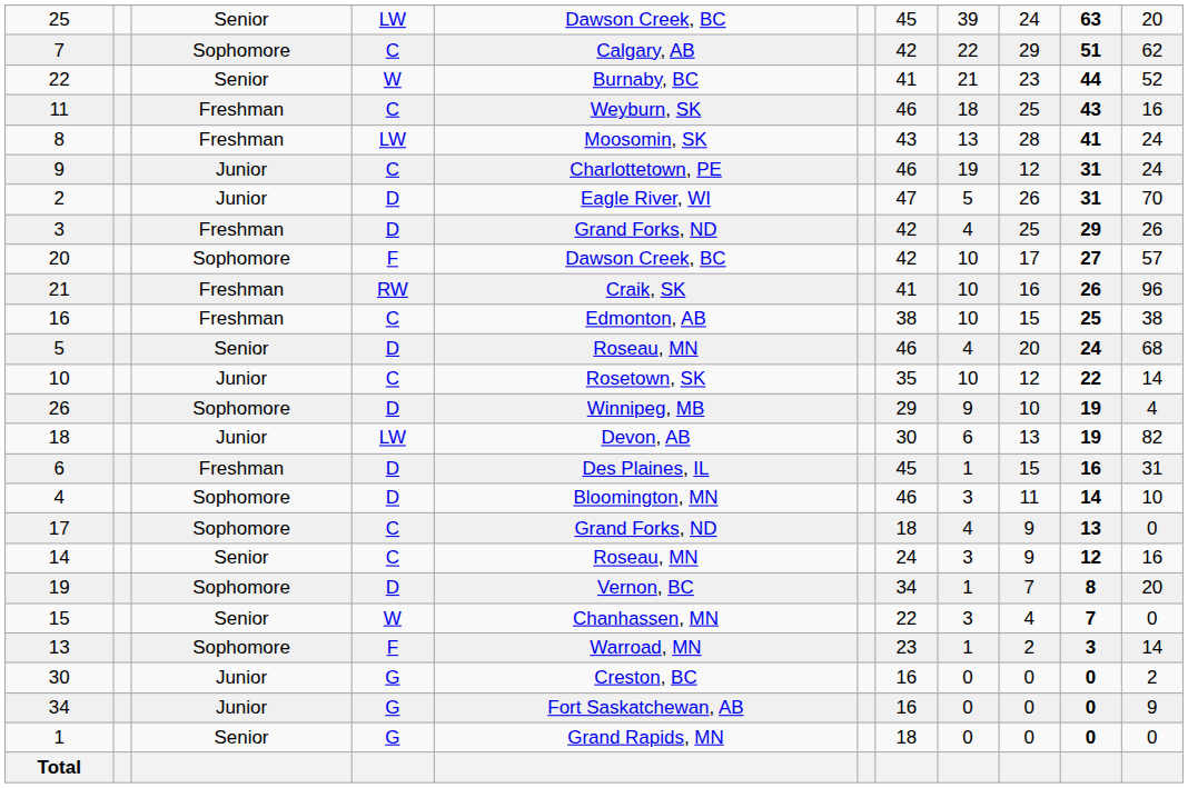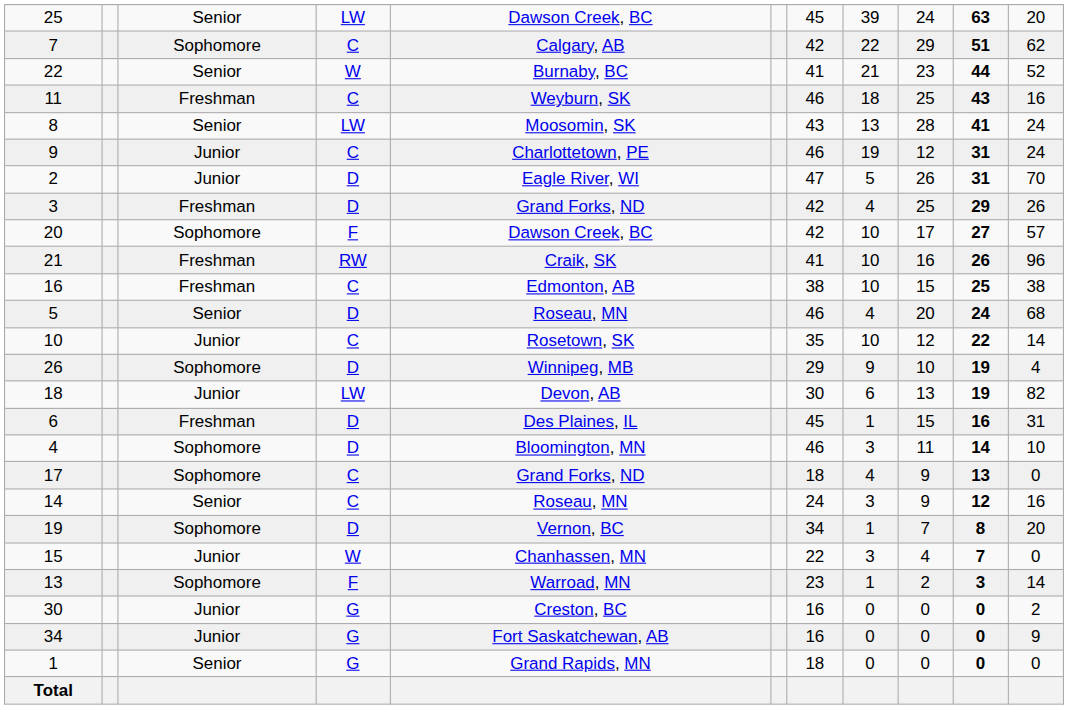 <table class="wikitable sortable" width ="1000">
 <tr align="center">
 </tr>
 <tr align="center" bgcolor="">
 <td>25</td>
 <td></td>
 <td>Senior</td>
 <td><a href='#'>LW</a></td>
 <td><a href='#'>Dawson Creek</a>, <a href='#'>BC</a></td>
 <td></td>
 <td>45</td>
 <td>39</td>
 <td>24</td>
 <td><strong>63</strong></td>
 <td>20</td>
 </tr>
 <tr align="center" bgcolor="#f0f0f0">
 <td>7</td>
 <td></td>
 <td>Sophomore</td>
 <td><a href='#'>C</a></td>
 <td><a href='#'>Calgary</a>, <a href='#'>AB</a></td>
 <td></td>
 <td>42</td>
 <td>22</td>
 <td>29</td>
 <td><strong>51</strong></td>
 <td>62</td>
 </tr>
 <tr align="center">
 <td>22</td>
 <td></td>
 <td>Senior</td>
 <td><a href='#'>W</a></td>
 <td><a href='#'>Burnaby</a>, <a href='#'>BC</a></td>
 <td></td>
 <td>41</td>
 <td>21</td>
 <td>23</td>
 <td><strong>44</strong></td>
 <td>52</td>
 </tr>
 <tr align="center" bgcolor="#f0f0f0">
 <td>11</td>
 <td></td>
 <td>Freshman</td>
 <td><a href='#'>C</a></td>
 <td><a href='#'>Weyburn</a>, <a href='#'>SK</a></td>
 <td></td>
 <td>46</td>
 <td>18</td>
 <td>25</td>
 <td><strong>43</strong></td>
 <td>16</td>
 </tr>
 <tr align="center">
 <td>8</td>
 <td></td>
-<td>Freshman</td>
+<td>Senior</td>
 <td><a href='#'>LW</a></td>
 <td><a href='#'>Moosomin</a>, <a href='#'>SK</a></td>
 <td></td>
 <td>43</td>
 <td>13</td>
 <td>28</td>
 <td><strong>41</strong></td>
 <td>24</td>
 </tr>
 <tr align="center" bgcolor="#f0f0f0">
 <td>9</td>
 <td></td>
 <td>Junior</td>
 <td><a href='#'>C</a></td>
 <td><a href='#'>Charlottetown</a>, <a href='#'>PE</a></td>
 <td></td>
 <td>46</td>
 <td>19</td>
 <td>12</td>
 <td><strong>31</strong></td>
 <td>24</td>
 </tr>
 <tr align="center">
 <td>2</td>
 <td></td>
 <td>Junior</td>
 <td><a href='#'>D</a></td>
 <td><a href='#'>Eagle River</a>, <a href='#'>WI</a></td>
 <td></td>
 <td>47</td>
 <td>5</td>
 <td>26</td>
 <td><strong>31</strong></td>
 <td>70</td>
 </tr>
 <tr align="center" bgcolor="#f0f0f0">
 <td>3</td>
 <td></td>
 <td>Freshman</td>
 <td><a href='#'>D</a></td>
 <td><a href='#'>Grand Forks</a>, <a href='#'>ND</a></td>
 <td></td>
 <td>42</td>
 <td>4</td>
 <td>25</td>
 <td><strong>29</strong></td>
 <td>26</td>
 </tr>
 <tr align="center">
 <td>20</td>
 <td></td>
 <td>Sophomore</td>
 <td><a href='#'>F</a></td>
 <td><a href='#'>Dawson Creek</a>, <a href='#'>BC</a></td>
 <td></td>
 <td>42</td>
 <td>10</td>
 <td>17</td>
 <td><strong>27</strong></td>
 <td>57</td>
 </tr>
 <tr align="center" bgcolor="#f0f0f0">
 <td>21</td>
 <td></td>
 <td>Freshman</td>
 <td><a href='#'>RW</a></td>
 <td><a href='#'>Craik</a>, <a href='#'>SK</a></td>
 <td></td>
 <td>41</td>
 <td>10</td>
 <td>16</td>
 <td><strong>26</strong></td>
 <td>96</td>
 </tr>
 <tr align="center">
 <td>16</td>
 <td></td>
 <td>Freshman</td>
 <td><a href='#'>C</a></td>
 <td><a href='#'>Edmonton</a>, <a href='#'>AB</a></td>
 <td></td>
 <td>38</td>
 <td>10</td>
 <td>15</td>
 <td><strong>25</strong></td>
 <td>38</td>
 </tr>
 <tr align="center" bgcolor="#f0f0f0">
 <td>5</td>
 <td></td>
 <td>Senior</td>
 <td><a href='#'>D</a></td>
 <td><a href='#'>Roseau</a>, <a href='#'>MN</a></td>
 <td></td>
 <td>46</td>
 <td>4</td>
 <td>20</td>
 <td><strong>24</strong></td>
 <td>68</td>
 </tr>
 <tr align="center">
 <td>10</td>
 <td></td>
 <td>Junior</td>
 <td><a href='#'>C</a></td>
 <td><a href='#'>Rosetown</a>, <a href='#'>SK</a></td>
 <td></td>
 <td>35</td>
 <td>10</td>
 <td>12</td>
 <td><strong>22</strong></td>
 <td>14</td>
 </tr>
 <tr align="center" bgcolor="#f0f0f0">
 <td>26</td>
 <td></td>
 <td>Sophomore</td>
 <td><a href='#'>D</a></td>
 <td><a href='#'>Winnipeg</a>, <a href='#'>MB</a></td>
 <td></td>
 <td>29</td>
 <td>9</td>
 <td>10</td>
 <td><strong>19</strong></td>
 <td>4</td>
 </tr>
 <tr align="center">
 <td>18</td>
 <td></td>
 <td>Junior</td>
 <td><a href='#'>LW</a></td>
 <td><a href='#'>Devon</a>, <a href='#'>AB</a></td>
 <td></td>
 <td>30</td>
 <td>6</td>
 <td>13</td>
 <td><strong>19</strong></td>
 <td>82</td>
 </tr>
 <tr align="center" bgcolor="#f0f0f0">
 <td>6</td>
 <td></td>
 <td>Freshman</td>
 <td><a href='#'>D</a></td>
 <td><a href='#'>Des Plaines</a>, <a href='#'>IL</a></td>
 <td></td>
 <td>45</td>
 <td>1</td>
 <td>15</td>
 <td><strong>16</strong></td>
 <td>31</td>
 </tr>
 <tr align="center">
 <td>4</td>
 <td></td>
 <td>Sophomore</td>
 <td><a href='#'>D</a></td>
 <td><a href='#'>Bloomington</a>, <a href='#'>MN</a></td>
 <td></td>
 <td>46</td>
 <td>3</td>
 <td>11</td>
 <td><strong>14</strong></td>
 <td>10</td>
 </tr>
 <tr align="center" bgcolor="#f0f0f0">
 <td>17</td>
 <td></td>
 <td>Sophomore</td>
 <td><a href='#'>C</a></td>
 <td><a href='#'>Grand Forks</a>, <a href='#'>ND</a></td>
 <td></td>
 <td>18</td>
 <td>4</td>
 <td>9</td>
 <td><strong>13</strong></td>
 <td>0</td>
 </tr>
 <tr align="center">
 <td>14</td>
 <td></td>
 <td>Senior</td>
 <td><a href='#'>C</a></td>
 <td><a href='#'>Roseau</a>, <a href='#'>MN</a></td>
 <td></td>
 <td>24</td>
 <td>3</td>
 <td>9</td>
 <td><strong>12</strong></td>
 <td>16</td>
 </tr>
 <tr align="center" bgcolor="#f0f0f0">
 <td>19</td>
 <td></td>
 <td>Sophomore</td>
 <td><a href='#'>D</a></td>
 <td><a href='#'>Vernon</a>, <a href='#'>BC</a></td>
 <td></td>
 <td>34</td>
 <td>1</td>
 <td>7</td>
 <td><strong>8</strong></td>
 <td>20</td>
 </tr>
 <tr align="center">
 <td>15</td>
 <td></td>
-<td>Senior</td>
+<td>Junior</td>
 <td><a href='#'>W</a></td>
 <td><a href='#'>Chanhassen</a>, <a href='#'>MN</a></td>
 <td></td>
 <td>22</td>
 <td>3</td>
 <td>4</td>
 <td><strong>7</strong></td>
 <td>0</td>
 </tr>
 <tr align="center" bgcolor="#f0f0f0">
 <td>13</td>
 <td></td>
 <td>Sophomore</td>
 <td><a href='#'>F</a></td>
 <td><a href='#'>Warroad</a>, <a href='#'>MN</a></td>
 <td></td>
 <td>23</td>
 <td>1</td>
 <td>2</td>
 <td><strong>3</strong></td>
 <td>14</td>
 </tr>
 <tr align="center">
 <td>30</td>
 <td></td>
 <td>Junior</td>
 <td><a href='#'>G</a></td>
 <td><a href='#'>Creston</a>, <a href='#'>BC</a></td>
 <td></td>
 <td>16</td>
 <td>0</td>
 <td>0</td>
 <td><strong>0</strong></td>
 <td>2</td>
 </tr>
 <tr align="center" bgcolor="#f0f0f0">
 <td>34</td>
 <td></td>
 <td>Junior</td>
 <td><a href='#'>G</a></td>
 <td><a href='#'>Fort Saskatchewan</a>, <a href='#'>AB</a></td>
 <td></td>
 <td>16</td>
 <td>0</td>
 <td>0</td>
 <td><strong>0</strong></td>
 <td>9</td>
 </tr>
 <tr align="center">
 <td>1</td>
 <td></td>
 <td>Senior</td>
 <td><a href='#'>G</a></td>
 <td><a href='#'>Grand Rapids</a>, <a href='#'>MN</a></td>
 <td></td>
 <td>18</td>
 <td>0</td>
 <td>0</td>
 <td><strong>0</strong></td>
 <td>0</td>
 </tr>
 <tr>
 <th>Total</th>
 <th></th>
 <th></th>
 <th></th>
 <th></th>
 <th></th>
 <th></th>
 <th></th>
 <th></th>
 <th></th>
 <th></th>
 </tr>
 </table>
